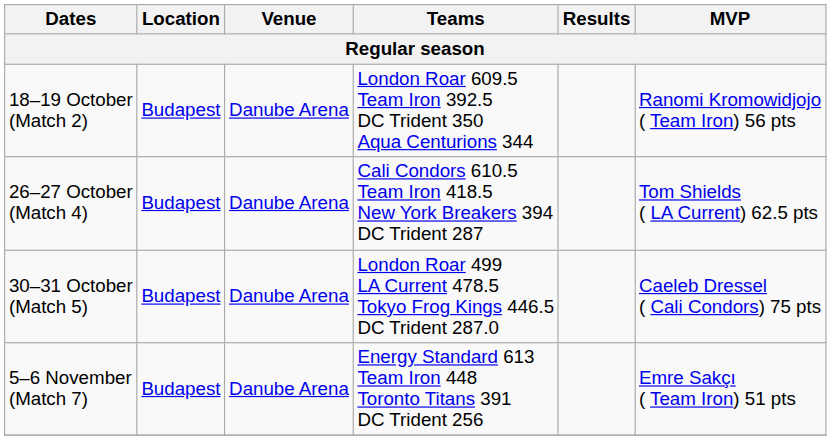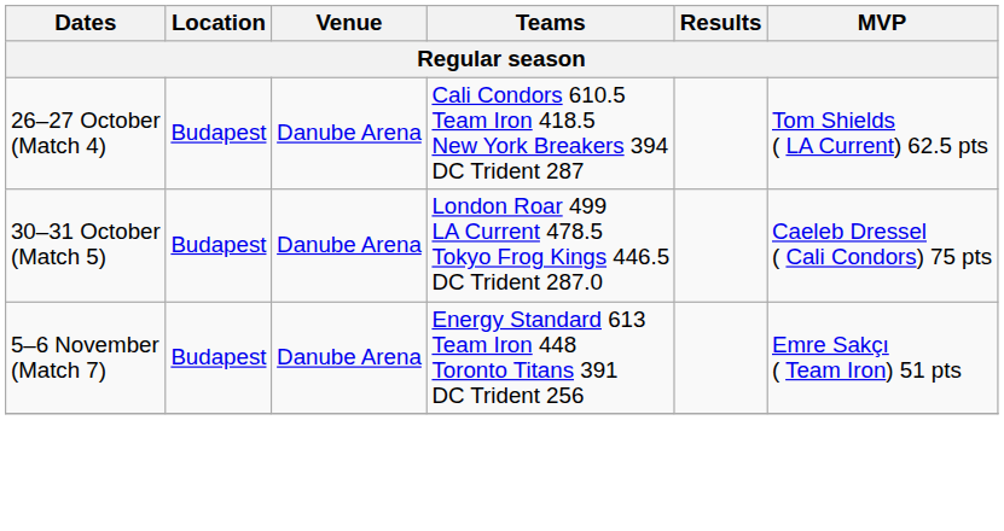 <table class="wikitable">
 <tr>
 <th>Dates</th>
 <th>Location</th>
 <th>Venue</th>
 <th>Teams</th>
 <th>Results</th>
 <th>MVP</th>
 </tr>
 <tr>
 <th colspan="6"><strong>Regular season</strong></th>
-</tr>
-<tr>
-<td>18–19 October<br>(Match 2)</td>
-<td> <a href='#'>Budapest</a></td>
-<td><a href='#'>Danube Arena</a></td>
-<td> <a href='#'>London Roar</a> 609.5<br> <a href='#'>Team Iron</a> 392.5<br> DC Trident 350<br> <a href='#'>Aqua Centurions</a> 344</td>
-<td style="text-align:center"></td>
-<td valign="center"> <a href='#'>Ranomi Kromowidjojo</a><br>( <a href='#'>Team Iron</a>) 56 pts</td>
 </tr>
 <tr>
 <td>26–27 October<br>(Match 4)</td>
 <td> <a href='#'>Budapest</a></td>
 <td><a href='#'>Danube Arena</a></td>
 <td> <a href='#'>Cali Condors</a> 610.5<br> <a href='#'>Team Iron</a> 418.5<br> <a href='#'>New York Breakers</a> 394<br> DC Trident 287</td>
 <td style="text-align:center"></td>
 <td valign="center"> <a href='#'>Tom Shields</a><br>( <a href='#'>LA Current</a>) 62.5 pts<br></td>
 </tr>
 <tr>
 <td>30–31 October<br>(Match 5)</td>
 <td> <a href='#'>Budapest</a></td>
 <td><a href='#'>Danube Arena</a></td>
 <td> <a href='#'>London Roar</a> 499<br> <a href='#'>LA Current</a> 478.5<br> <a href='#'>Tokyo Frog Kings</a> 446.5<br> DC Trident 287.0</td>
 <td style="text-align:center"></td>
 <td valign="center"> <a href='#'>Caeleb Dressel</a><br>( <a href='#'>Cali Condors</a>) 75 pts</td>
 </tr>
 <tr>
 <td>5–6 November<br>(Match 7)</td>
 <td> <a href='#'>Budapest</a></td>
 <td><a href='#'>Danube Arena</a></td>
 <td> <a href='#'>Energy Standard</a> 613<br> <a href='#'>Team Iron</a> 448<br> <a href='#'>Toronto Titans</a> 391<br> DC Trident 256</td>
 <td style="text-align:center"></td>
 <td valign="center"> <a href='#'>Emre Sakçı</a><br>( <a href='#'>Team Iron</a>) 51 pts<br></td>
 </tr>
 <tr>
 </tr>
 </table>
